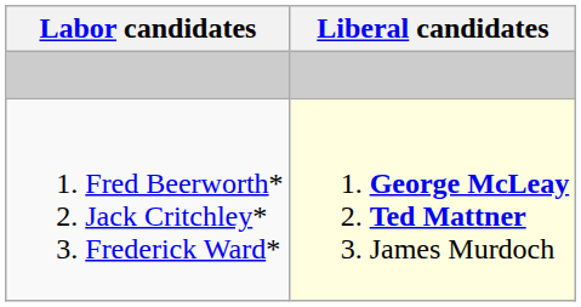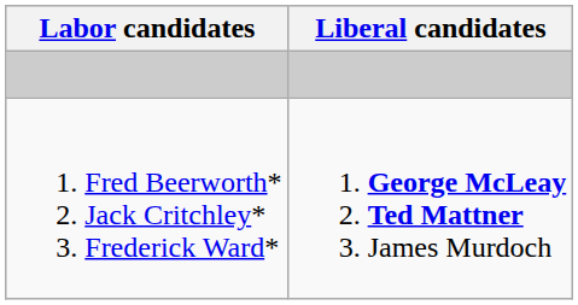 <table class="wikitable">
 <tr>
 <th><a href='#'>Labor</a> candidates</th>
 <th><a href='#'>Liberal</a> candidates</th>
 </tr>
 <tr bgcolor="#cccccc">
 <td></td>
 <td> </td>
 </tr>
 <tr>
 <td><br><ol><li><a href='#'>Fred Beerworth</a>*</li><li><a href='#'>Jack Critchley</a>*</li><li><a href='#'>Frederick Ward</a>*</li></ol></td>
-<td valign=top style="background: lightyellow;"><br><ol><li><strong><a href='#'>George McLeay</a></strong></li><li><strong><a href='#'>Ted Mattner</a></strong></li><li>James Murdoch</li></ol></td>
+<td valign=top><br><ol><li><strong><a href='#'>George McLeay</a></strong></li><li><strong><a href='#'>Ted Mattner</a></strong></li><li>James Murdoch</li></ol></td>
 </tr>
 </table>
